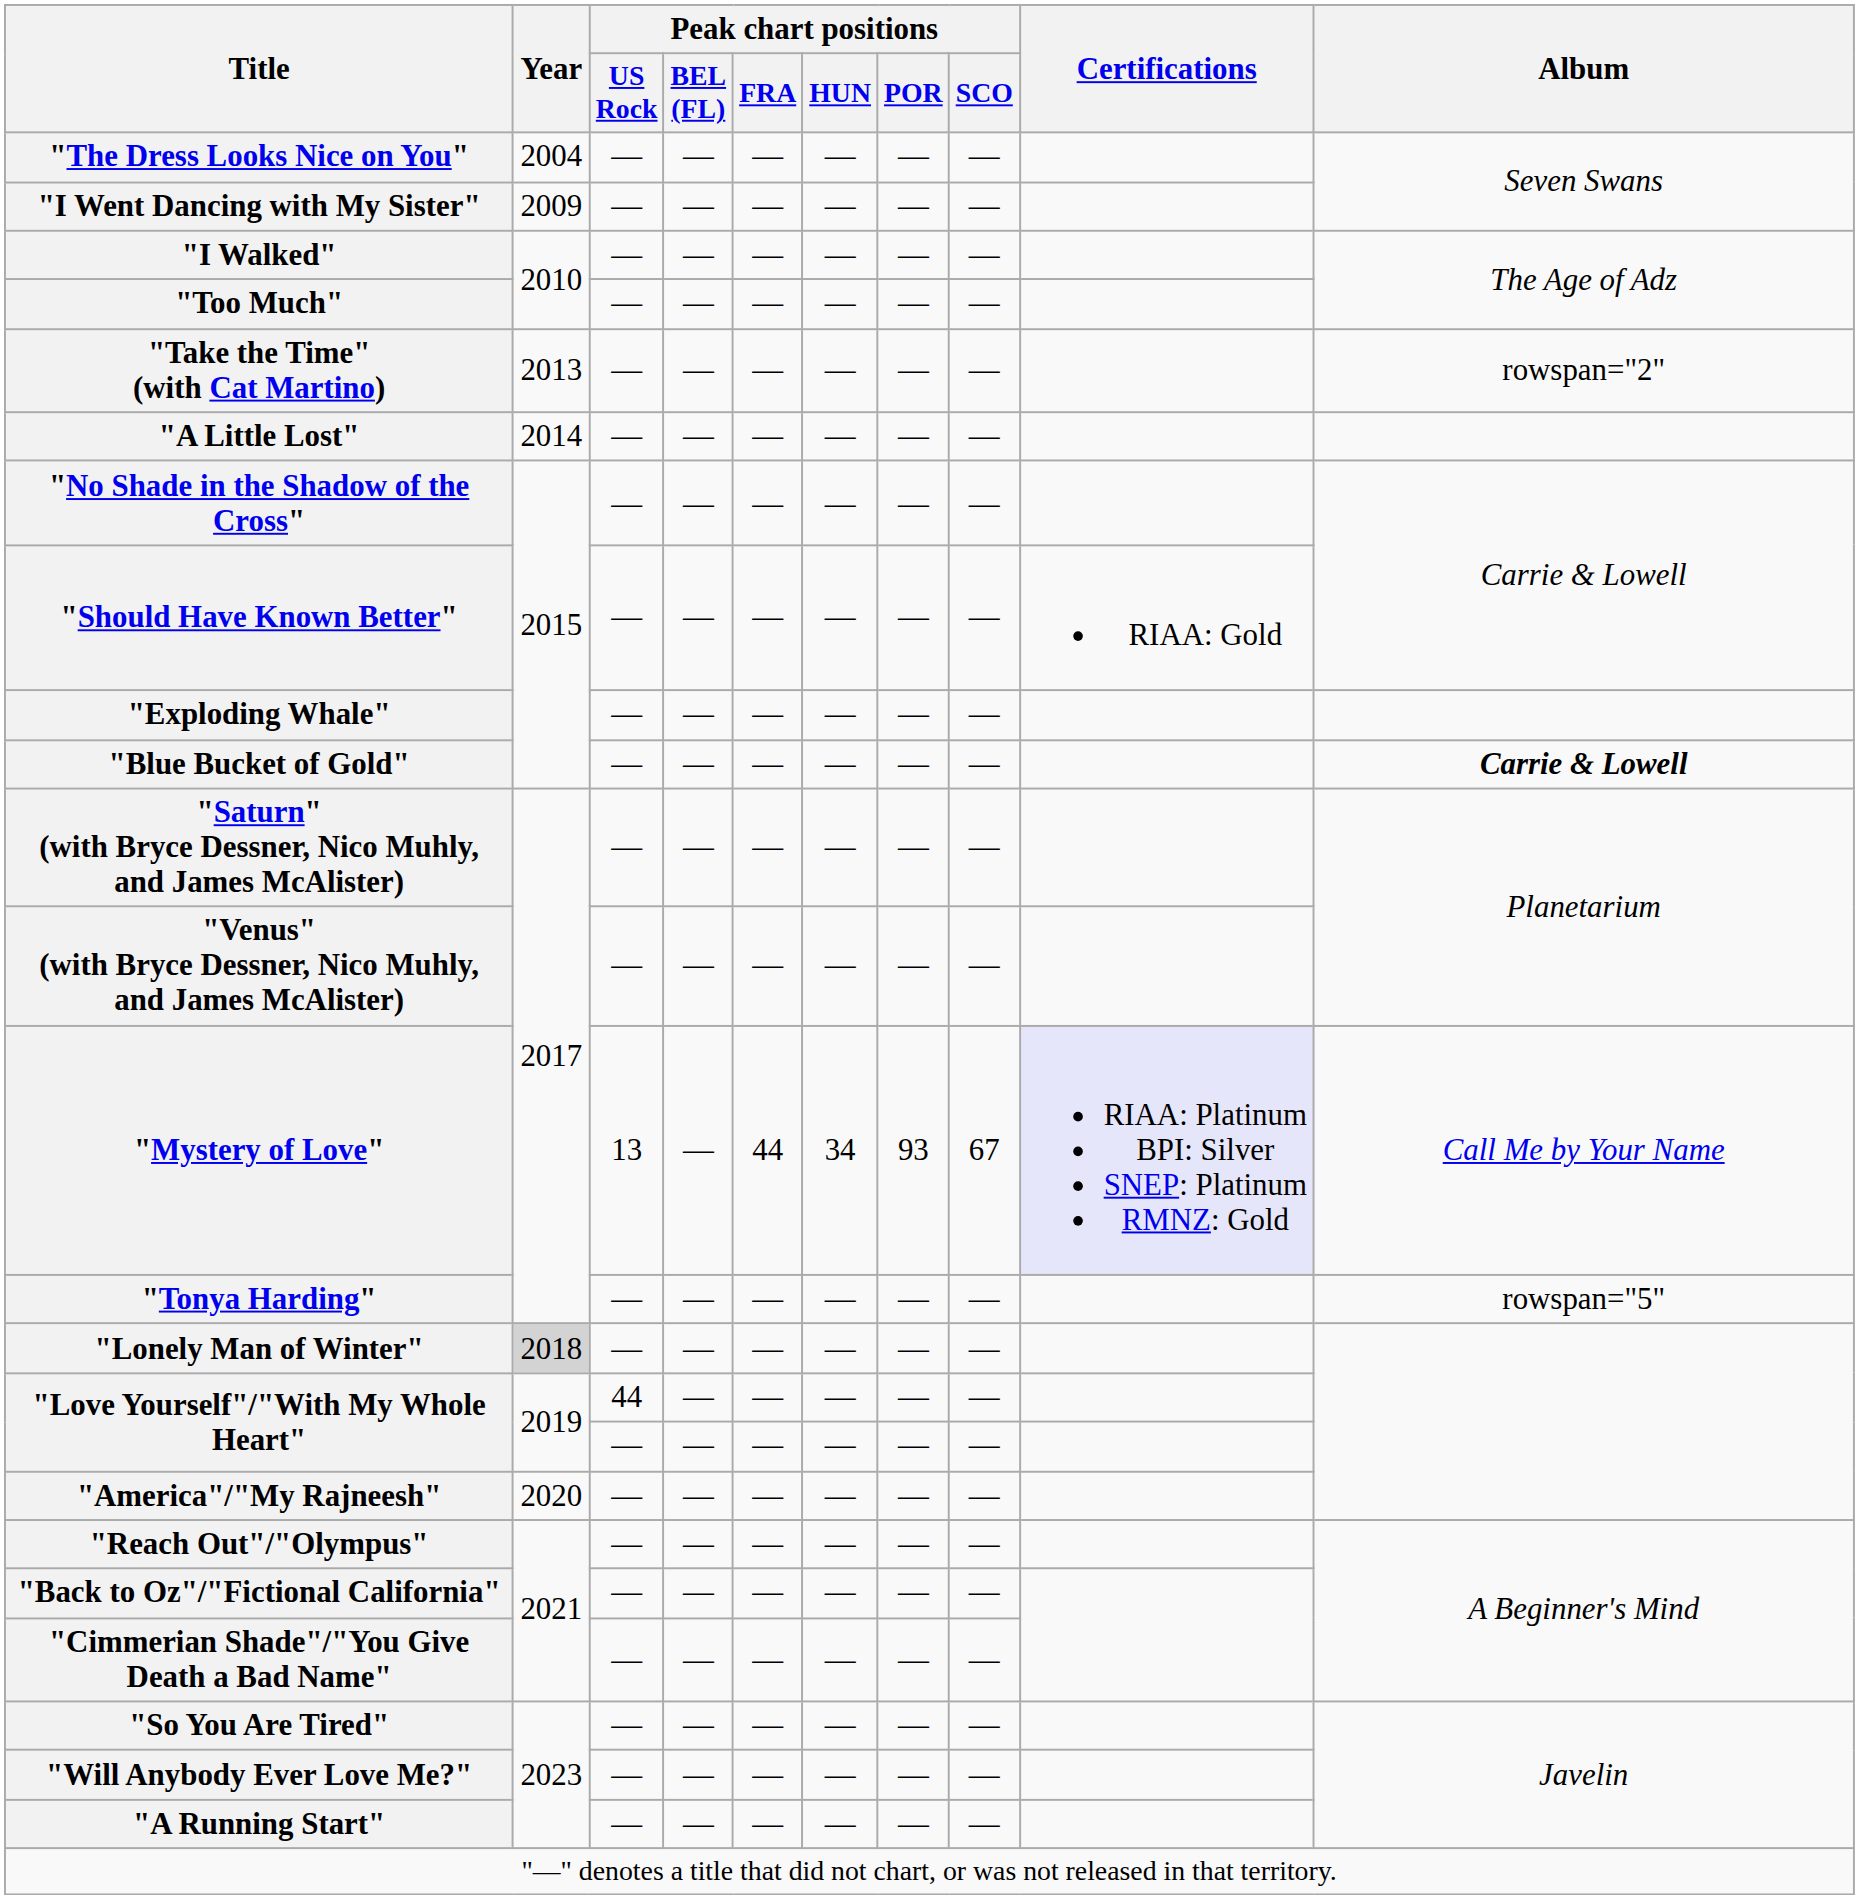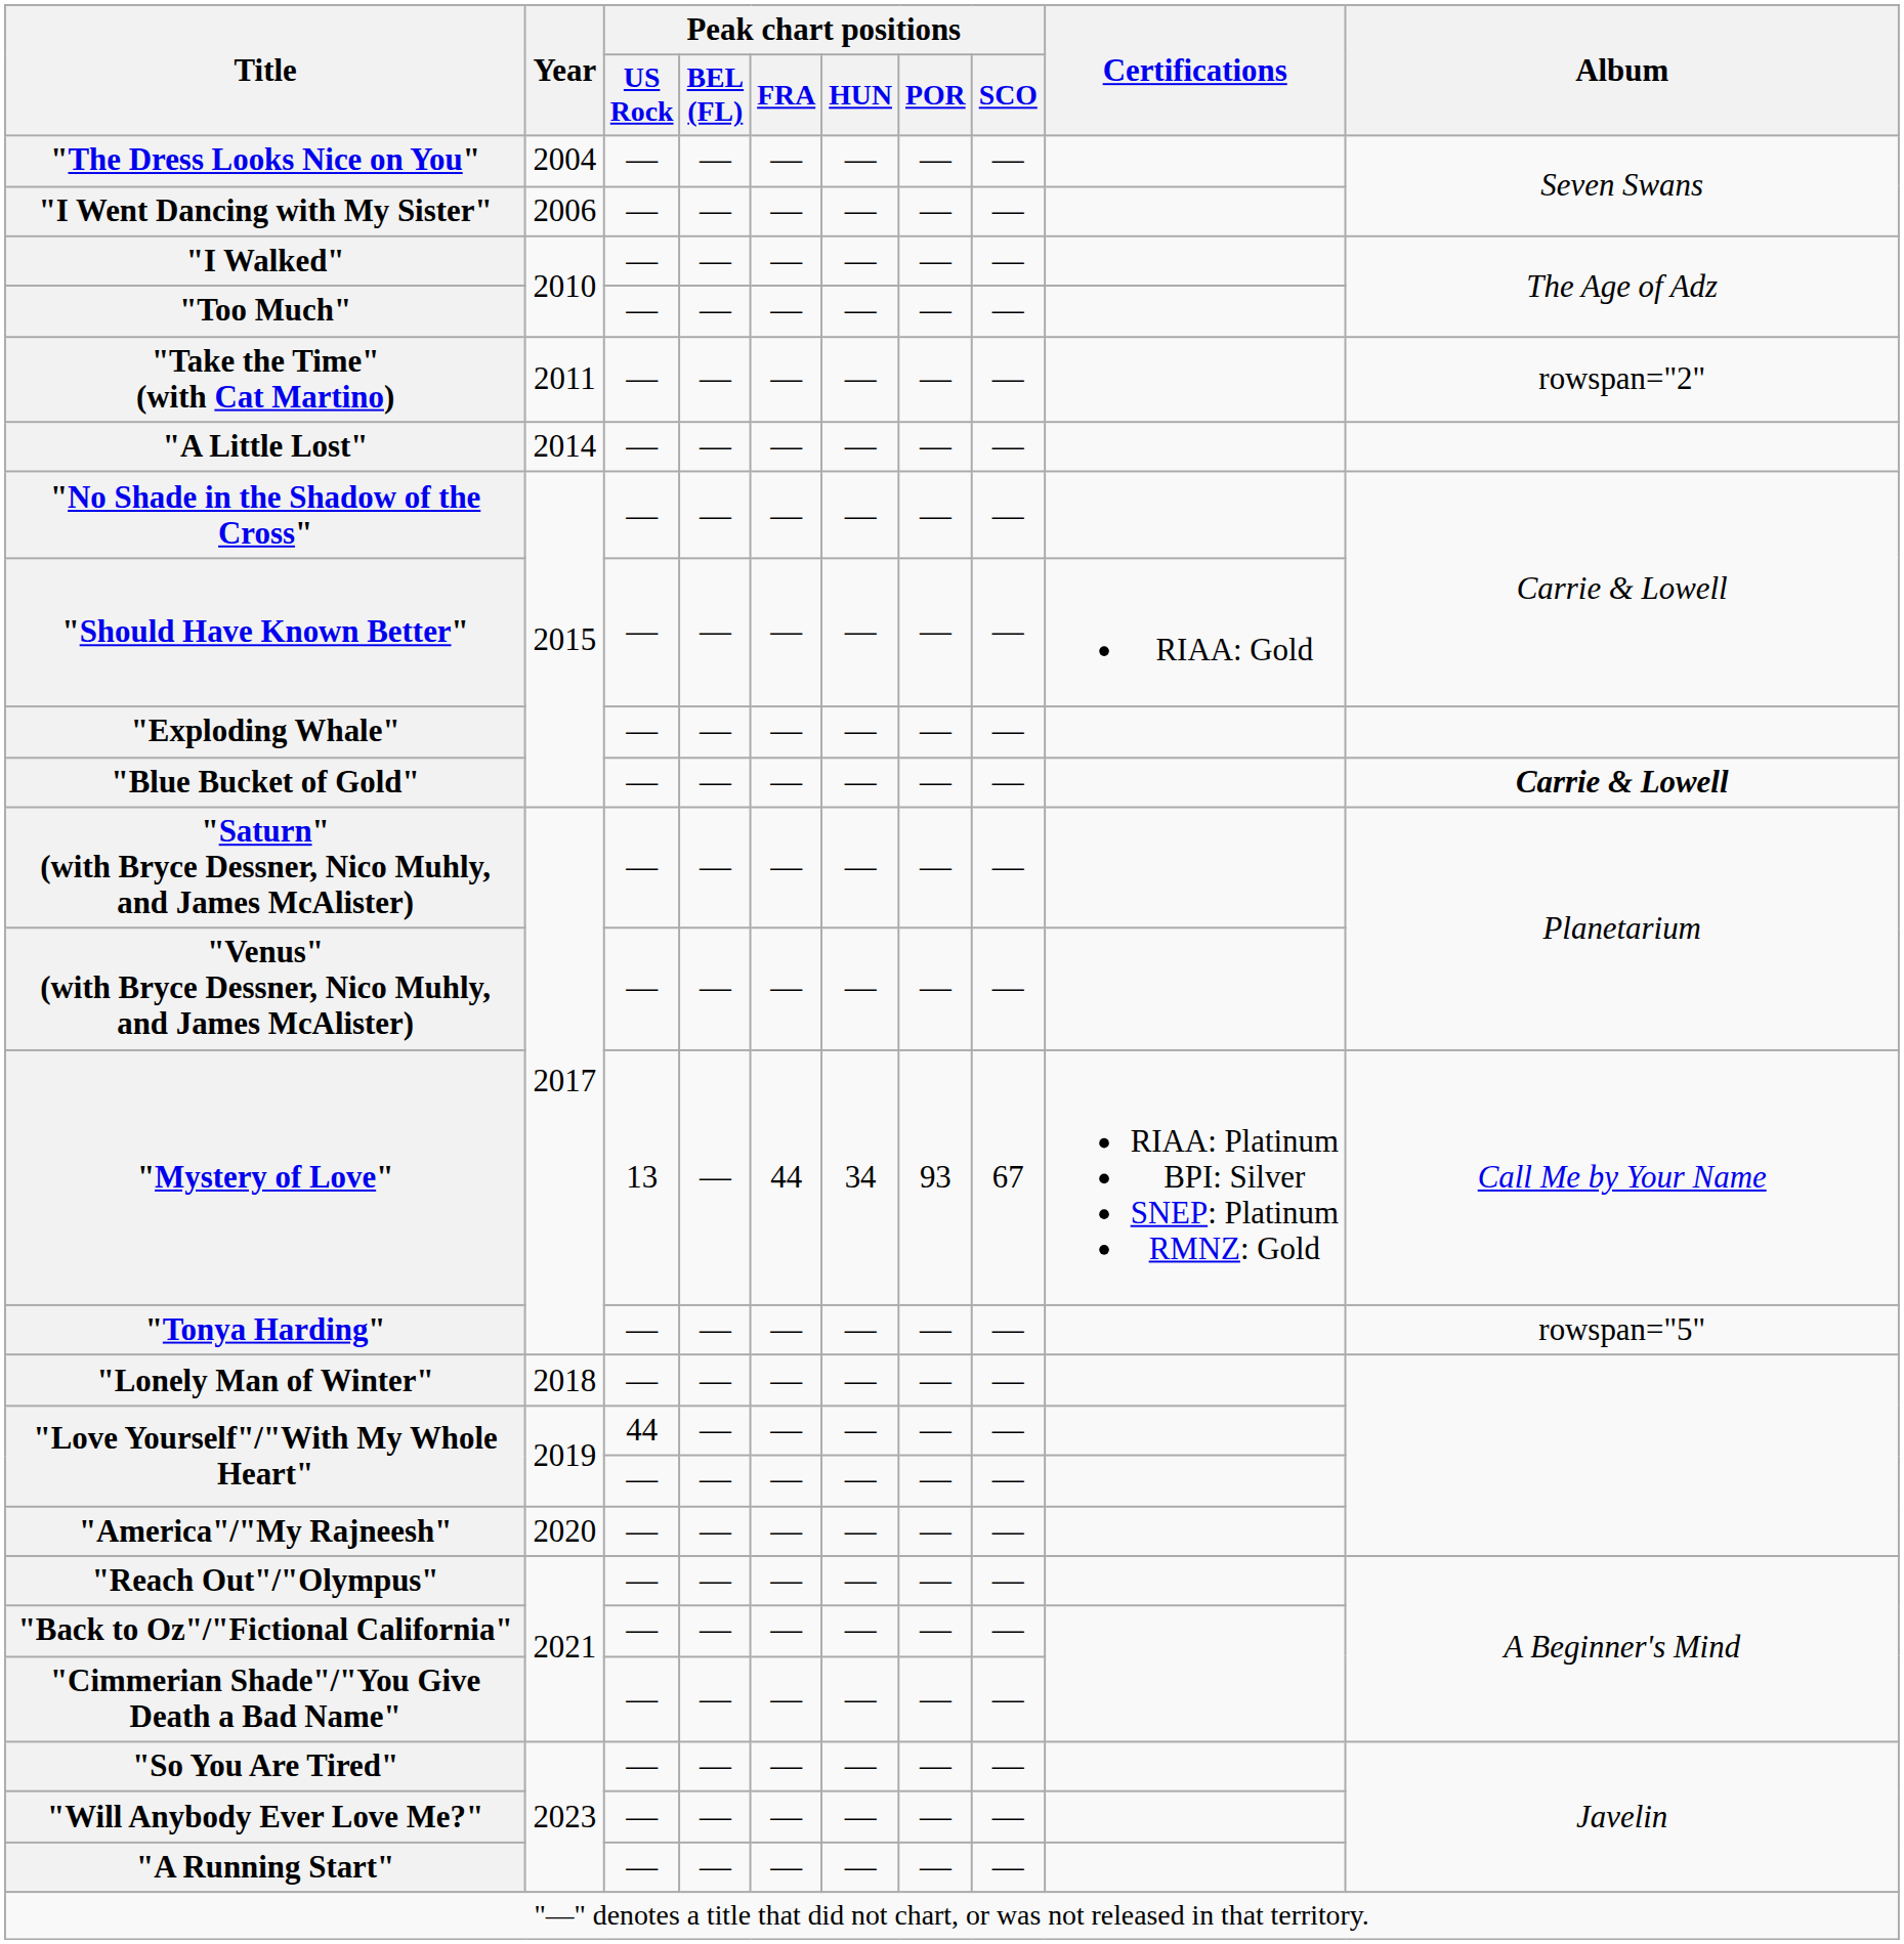 <table class="wikitable plainrowheaders" style="text-align:center">
 <tr>
 <th scope="col" rowspan="2" style="width:16em;">Title</th>
 <th scope="col" rowspan="2" style="width:1em;">Year</th>
 <th scope="col" colspan="6" style="width:3em;">Peak chart positions</th>
 <th scope="col" rowspan="2"><a href='#'>Certifications</a></th>
 <th scope="col" rowspan="2" style="width:17em;">Album</th>
 </tr>
 <tr>
 <th scope="col" style="width:2em;font-size:90%;"><a href='#'>US<br>Rock</a><br></th>
 <th scope="col" style="width:2em;font-size:90%;"><a href='#'>BEL<br>(FL)</a><br></th>
 <th scope="col" style="width:2em;font-size:90%;"><a href='#'>FRA</a><br></th>
 <th scope="col" style="width:2em;font-size:90%;"><a href='#'>HUN</a><br></th>
 <th scope="col" style="width:2em;font-size:90%;"><a href='#'>POR</a><br></th>
 <th scope="col" style="width:2em;font-size:90%;"><a href='#'>SCO</a><br></th>
 </tr>
 <tr>
 <th scope="row">"<a href='#'>The Dress Looks Nice on You</a>"</th>
 <td>2004</td>
 <td>—</td>
 <td>—</td>
 <td>—</td>
 <td>—</td>
 <td>—</td>
 <td>—</td>
 <td></td>
 <td rowspan="2"><em>Seven Swans</em></td>
 </tr>
 <tr>
 <th scope="row">"I Went Dancing with My Sister"</th>
-<td>2009</td>
+<td>2006</td>
 <td>—</td>
 <td>—</td>
 <td>—</td>
 <td>—</td>
 <td>—</td>
 <td>—</td>
 <td></td>
 </tr>
 <tr>
 <th scope="row">"I Walked"</th>
 <td rowspan="2">2010</td>
 <td>—</td>
 <td>—</td>
 <td>—</td>
 <td>—</td>
 <td>—</td>
 <td>—</td>
 <td></td>
 <td rowspan="2"><em>The Age of Adz</em></td>
 </tr>
 <tr>
 <th scope="row">"Too Much"</th>
 <td>—</td>
 <td>—</td>
 <td>—</td>
 <td>—</td>
 <td>—</td>
 <td>—</td>
 <td></td>
 </tr>
 <tr>
 <th scope="row">"Take the Time"<br>(with <a href='#'>Cat Martino</a>)</th>
-<td>2013</td>
+<td>2011</td>
 <td>—</td>
 <td>—</td>
 <td>—</td>
 <td>—</td>
 <td>—</td>
 <td>—</td>
 <td></td>
 <td>rowspan="2" </td>
 </tr>
 <tr>
 <th scope="row">"A Little Lost"</th>
 <td>2014</td>
 <td>—</td>
 <td>—</td>
 <td>—</td>
 <td>—</td>
 <td>—</td>
 <td>—</td>
 <td></td>
 </tr>
 <tr>
 <th scope="row">"<a href='#'>No Shade in the Shadow of the Cross</a>"</th>
 <td rowspan="4">2015</td>
 <td>—</td>
 <td>—</td>
 <td>—</td>
 <td>—</td>
 <td>—</td>
 <td>—</td>
 <td></td>
 <td rowspan="2"><em>Carrie & Lowell</em></td>
 </tr>
 <tr>
 <th scope="row">"<a href='#'>Should Have Known Better</a>"</th>
 <td>—</td>
 <td>—</td>
 <td>—</td>
 <td>—</td>
 <td>—</td>
 <td>—</td>
 <td><br><ul><li>RIAA: Gold</li></ul></td>
 </tr>
 <tr>
 <th scope="row">"Exploding Whale"</th>
 <td>—</td>
 <td>—</td>
 <td>—</td>
 <td>—</td>
 <td>—</td>
 <td>—</td>
 <td></td>
 <td></td>
 </tr>
 <tr>
 <th scope="row">"Blue Bucket of Gold"</th>
 <td>—</td>
 <td>—</td>
 <td>—</td>
 <td>—</td>
 <td>—</td>
 <td>—</td>
 <td></td>
 <td><strong><em>Carrie & Lowell</em></strong></td>
 </tr>
 <tr>
 <th scope="row">"<a href='#'>Saturn</a>"<br>(with Bryce Dessner, Nico Muhly, and James McAlister)</th>
 <td rowspan="4">2017</td>
 <td>—</td>
 <td>—</td>
 <td>—</td>
 <td>—</td>
 <td>—</td>
 <td>—</td>
 <td></td>
 <td rowspan="2"><em>Planetarium</em></td>
 </tr>
 <tr>
 <th scope="row">"Venus"<br>(with Bryce Dessner, Nico Muhly, and James McAlister)</th>
 <td>—</td>
 <td>—</td>
 <td>—</td>
 <td>—</td>
 <td>—</td>
 <td>—</td>
 <td></td>
 </tr>
 <tr>
 <th scope="row">"<a href='#'>Mystery of Love</a>"</th>
 <td>13</td>
 <td>—</td>
 <td>44</td>
 <td>34</td>
 <td>93</td>
 <td>67</td>
-<td style="background: lavender;"><br><ul><li>RIAA: Platinum</li><li>BPI: Silver</li><li><a href='#'>SNEP</a>: Platinum</li><li><a href='#'>RMNZ</a>: Gold</li></ul></td>
+<td><br><ul><li>RIAA: Platinum</li><li>BPI: Silver</li><li><a href='#'>SNEP</a>: Platinum</li><li><a href='#'>RMNZ</a>: Gold</li></ul></td>
 <td><em><a href='#'>Call Me by Your Name</a></em></td>
 </tr>
 <tr>
 <th scope="row">"<a href='#'>Tonya Harding</a>"</th>
 <td>—</td>
 <td>—</td>
 <td>—</td>
 <td>—</td>
 <td>—</td>
 <td>—</td>
 <td></td>
 <td>rowspan="5" </td>
 </tr>
 <tr>
 <th scope="row">"Lonely Man of Winter"</th>
-<td style="background: lightgrey;">2018</td>
+<td>2018</td>
 <td>—</td>
 <td>—</td>
 <td>—</td>
 <td>—</td>
 <td>—</td>
 <td>—</td>
 <td></td>
 </tr>
 <tr>
 <th scope="row" rowspan="2">"Love Yourself"/"With My Whole Heart"</th>
 <td rowspan="2">2019</td>
 <td>44</td>
 <td>—</td>
 <td>—</td>
 <td>—</td>
 <td>—</td>
 <td>—</td>
 <td></td>
 </tr>
 <tr>
 <td>—</td>
 <td>—</td>
 <td>—</td>
 <td>—</td>
 <td>—</td>
 <td>—</td>
 <td></td>
 </tr>
 <tr>
 <th scope="row">"America"/"My Rajneesh"</th>
 <td>2020</td>
 <td>—</td>
 <td>—</td>
 <td>—</td>
 <td>—</td>
 <td>—</td>
 <td>—</td>
 <td></td>
 </tr>
 <tr>
 <th scope="row">"Reach Out"/"Olympus"</th>
 <td rowspan="3">2021</td>
 <td>—</td>
 <td>—</td>
 <td>—</td>
 <td>—</td>
 <td>—</td>
 <td>—</td>
 <td></td>
 <td rowspan="3"><em>A Beginner's Mind</em></td>
 </tr>
 <tr>
 <th scope="row">"Back to Oz"/"Fictional California"</th>
 <td>—</td>
 <td>—</td>
 <td>—</td>
 <td>—</td>
 <td>—</td>
 <td>—</td>
 </tr>
 <tr>
 <th scope="row">"Cimmerian Shade"/"You Give Death a Bad Name"</th>
 <td>—</td>
 <td>—</td>
 <td>—</td>
 <td>—</td>
 <td>—</td>
 <td>—</td>
 </tr>
 <tr>
 <th scope="row">"So You Are Tired"</th>
 <td rowspan="3">2023</td>
 <td>—</td>
 <td>—</td>
 <td>—</td>
 <td>—</td>
 <td>—</td>
 <td>—</td>
 <td></td>
 <td rowspan="3"><em>Javelin</em></td>
 </tr>
 <tr>
 <th scope="row">"Will Anybody Ever Love Me?"</th>
 <td>—</td>
 <td>—</td>
 <td>—</td>
 <td>—</td>
 <td>—</td>
 <td>—</td>
 <td></td>
 </tr>
 <tr>
 <th scope="row">"A Running Start"</th>
 <td>—</td>
 <td>—</td>
 <td>—</td>
 <td>—</td>
 <td>—</td>
 <td>—</td>
 <td></td>
 </tr>
 <tr>
 <td colspan="10" style="font-size:90%">"—" denotes a title that did not chart, or was not released in that territory.</td>
 </tr>
 </table>
